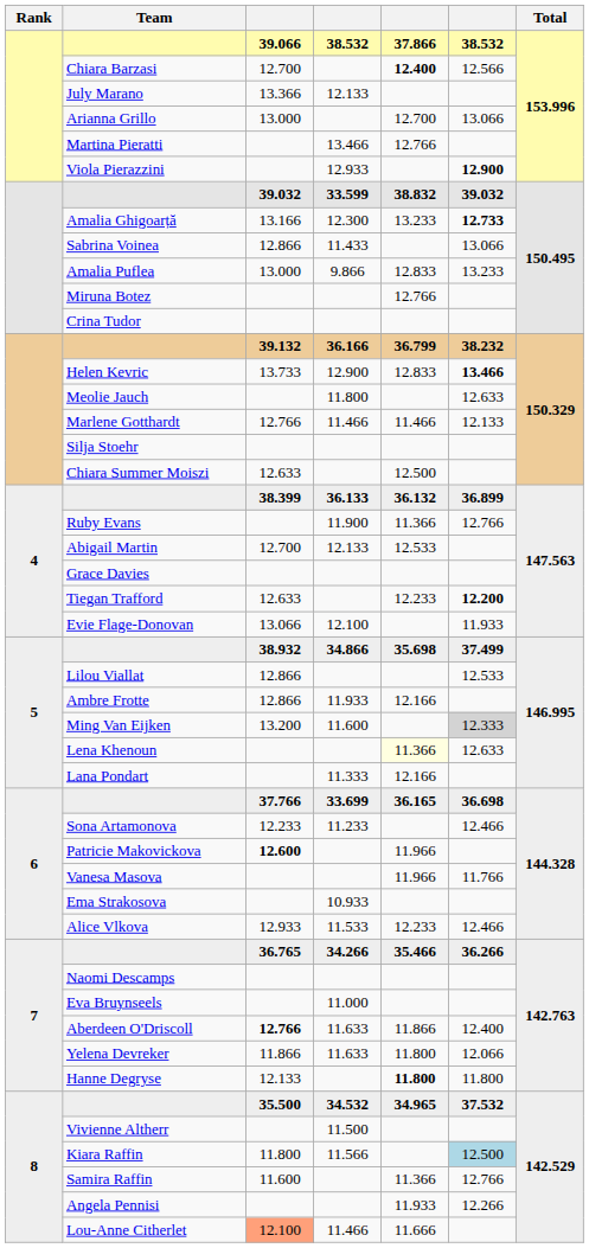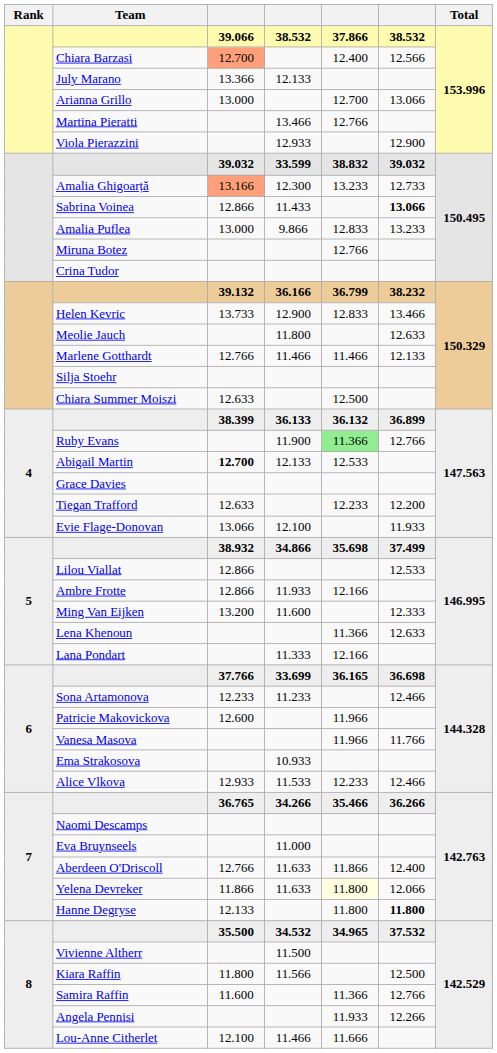 <table class="wikitable sortable" style="text-align:center; font-size:95%">
 <tr>
 <th scope="col" style="width:50px;">Rank</th>
 <th scope="col" style="width:175px;">Team</th>
 <th scope="col" style="width:60px;"></th>
 <th scope="col" style="width:60px;"></th>
 <th scope="col" style="width:60px;"></th>
 <th scope="col" style="width:60px;"></th>
 <th scope="col" style="width:60px;">Total</th>
 </tr>
 <tr style="background:#fffcaf;">
 <td rowspan="6"><strong></strong></td>
 <td style="text-align:left;"></td>
 <td><strong>39.066</strong></td>
 <td><strong>38.532</strong></td>
 <td><strong>37.866</strong></td>
 <td><strong>38.532</strong></td>
 <td rowspan="6"><strong>153.996</strong></td>
 </tr>
 <tr>
 <td style="text-align:left;"><a href='#'>Chiara Barzasi</a></td>
-<td>12.700</td>
+<td style="background: lightsalmon;">12.700</td>
 <td></td>
-<td><strong>12.400</strong></td>
+<td>12.400</td>
 <td>12.566</td>
 </tr>
 <tr>
 <td style="text-align:left;"><a href='#'>July Marano</a></td>
 <td>13.366</td>
 <td>12.133</td>
 <td></td>
 <td></td>
 </tr>
 <tr>
 <td style="text-align:left;"><a href='#'>Arianna Grillo</a></td>
 <td>13.000</td>
 <td></td>
 <td>12.700</td>
 <td>13.066</td>
 </tr>
 <tr>
 <td style="text-align:left;"><a href='#'>Martina Pieratti</a></td>
 <td></td>
 <td>13.466</td>
 <td>12.766</td>
 <td></td>
 </tr>
 <tr>
 <td style="text-align:left;"><a href='#'>Viola Pierazzini</a></td>
 <td></td>
 <td>12.933</td>
 <td></td>
-<td><strong>12.900</strong></td>
+<td>12.900</td>
 </tr>
 <tr style="background:#e5e5e5;">
 <td rowspan="6"><strong></strong></td>
 <td style="text-align:left;"></td>
 <td><strong>39.032</strong></td>
 <td><strong>33.599</strong></td>
 <td><strong>38.832</strong></td>
 <td><strong>39.032</strong></td>
 <td rowspan="6"><strong>150.495</strong></td>
 </tr>
 <tr>
 <td style="text-align:left;"><a href='#'>Amalia Ghigoarță</a></td>
-<td>13.166</td>
+<td style="background: lightsalmon;">13.166</td>
 <td>12.300</td>
 <td>13.233</td>
-<td><strong>12.733</strong></td>
+<td>12.733</td>
 </tr>
 <tr>
 <td style="text-align:left;"><a href='#'>Sabrina Voinea</a></td>
 <td>12.866</td>
 <td>11.433</td>
 <td></td>
-<td>13.066</td>
+<td><strong>13.066</strong></td>
 </tr>
 <tr>
 <td style="text-align:left;"><a href='#'>Amalia Puflea</a></td>
 <td>13.000</td>
 <td>9.866</td>
 <td>12.833</td>
 <td>13.233</td>
 </tr>
 <tr>
 <td style="text-align:left;"><a href='#'>Miruna Botez</a></td>
 <td></td>
 <td></td>
 <td>12.766</td>
 <td></td>
 </tr>
 <tr>
 <td style="text-align:left;"><a href='#'>Crina Tudor</a></td>
 <td></td>
 <td></td>
 <td></td>
 <td></td>
 </tr>
 <tr style="background:#ec9;">
 <td rowspan="6"><strong></strong></td>
 <td style="text-align:left;"></td>
 <td><strong>39.132</strong></td>
 <td><strong>36.166</strong></td>
 <td><strong>36.799</strong></td>
 <td><strong>38.232</strong></td>
 <td rowspan="6"><strong>150.329</strong></td>
 </tr>
 <tr>
 <td style="text-align:left;"><a href='#'>Helen Kevric</a></td>
 <td>13.733</td>
 <td>12.900</td>
 <td>12.833</td>
-<td><strong>13.466</strong></td>
+<td>13.466</td>
 </tr>
 <tr>
 <td style="text-align:left;"><a href='#'>Meolie Jauch</a></td>
 <td></td>
 <td>11.800</td>
 <td></td>
 <td>12.633</td>
 </tr>
 <tr>
 <td style="text-align:left;"><a href='#'>Marlene Gotthardt</a></td>
 <td>12.766</td>
 <td>11.466</td>
 <td>11.466</td>
 <td>12.133</td>
 </tr>
 <tr>
 <td style="text-align:left;"><a href='#'>Silja Stoehr</a></td>
 <td></td>
 <td></td>
 <td></td>
 <td></td>
 </tr>
 <tr>
 <td style="text-align:left;"><a href='#'>Chiara Summer Moiszi</a></td>
 <td>12.633</td>
 <td></td>
 <td>12.500</td>
 <td></td>
 </tr>
 <tr style="background:#eee;">
 <td rowspan="6"><strong>4</strong></td>
 <td style="text-align:left;"></td>
 <td><strong>38.399</strong></td>
 <td><strong>36.133</strong></td>
 <td><strong>36.132</strong></td>
 <td><strong>36.899</strong></td>
 <td rowspan="6"><strong>147.563</strong></td>
 </tr>
 <tr>
 <td style="text-align:left;"><a href='#'>Ruby Evans</a></td>
 <td></td>
 <td>11.900</td>
-<td>11.366</td>
+<td style="background: lightgreen;">11.366</td>
 <td>12.766</td>
 </tr>
 <tr>
 <td style="text-align:left;"><a href='#'>Abigail Martin</a></td>
-<td>12.700</td>
+<td><strong>12.700</strong></td>
 <td>12.133</td>
 <td>12.533</td>
 <td></td>
 </tr>
 <tr>
 <td style="text-align:left;"><a href='#'>Grace Davies</a></td>
 <td></td>
 <td></td>
 <td></td>
 <td></td>
 </tr>
 <tr>
 <td style="text-align:left;"><a href='#'>Tiegan Trafford</a></td>
 <td>12.633</td>
 <td></td>
 <td>12.233</td>
-<td><strong>12.200</strong></td>
+<td>12.200</td>
 </tr>
 <tr>
 <td style="text-align:left;"><a href='#'>Evie Flage-Donovan</a></td>
 <td>13.066</td>
 <td>12.100</td>
 <td></td>
 <td>11.933</td>
 </tr>
 <tr style="background:#eee;">
 <td rowspan="6"><strong>5</strong></td>
 <td style="text-align:left;"></td>
 <td><strong>38.932</strong></td>
 <td><strong>34.866</strong></td>
 <td><strong>35.698</strong></td>
 <td><strong>37.499</strong></td>
 <td rowspan="6"><strong>146.995</strong></td>
 </tr>
 <tr>
 <td style="text-align:left;"><a href='#'>Lilou Viallat</a></td>
 <td>12.866</td>
 <td></td>
 <td></td>
 <td>12.533</td>
 </tr>
 <tr>
 <td style="text-align:left;"><a href='#'>Ambre Frotte</a></td>
 <td>12.866</td>
 <td>11.933</td>
 <td>12.166</td>
 <td></td>
 </tr>
 <tr>
 <td style="text-align:left;"><a href='#'>Ming Van Eijken</a></td>
 <td>13.200</td>
 <td>11.600</td>
 <td></td>
-<td style="background: lightgrey;">12.333</td>
+<td>12.333</td>
 </tr>
 <tr>
 <td style="text-align:left;"><a href='#'>Lena Khenoun</a></td>
 <td></td>
 <td></td>
-<td style="background: lightyellow;">11.366</td>
+<td>11.366</td>
 <td>12.633</td>
 </tr>
 <tr>
 <td style="text-align:left;"><a href='#'>Lana Pondart</a></td>
 <td></td>
 <td>11.333</td>
 <td>12.166</td>
 <td></td>
 </tr>
 <tr style="background:#eee;">
 <td rowspan="6"><strong>6</strong></td>
 <td style="text-align:left;"></td>
 <td><strong>37.766</strong></td>
 <td><strong>33.699</strong></td>
 <td><strong>36.165</strong></td>
 <td><strong>36.698</strong></td>
 <td rowspan="6"><strong>144.328</strong></td>
 </tr>
 <tr>
 <td style="text-align:left;"><a href='#'>Sona Artamonova</a></td>
 <td>12.233</td>
 <td>11.233</td>
 <td></td>
 <td>12.466</td>
 </tr>
 <tr>
 <td style="text-align:left;"><a href='#'>Patricie Makovickova</a></td>
-<td><strong>12.600</strong></td>
+<td>12.600</td>
 <td></td>
 <td>11.966</td>
 <td></td>
 </tr>
 <tr>
 <td style="text-align:left;"><a href='#'>Vanesa Masova</a></td>
 <td></td>
 <td></td>
 <td>11.966</td>
 <td>11.766</td>
 </tr>
 <tr>
 <td style="text-align:left;"><a href='#'>Ema Strakosova</a></td>
 <td></td>
 <td>10.933</td>
 <td></td>
 <td></td>
 </tr>
 <tr>
 <td style="text-align:left;"><a href='#'>Alice Vlkova</a></td>
 <td>12.933</td>
 <td>11.533</td>
 <td>12.233</td>
 <td>12.466</td>
 </tr>
 <tr style="background:#eee;">
 <td rowspan="6"><strong>7</strong></td>
 <td style="text-align:left;"></td>
 <td><strong>36.765</strong></td>
 <td><strong>34.266</strong></td>
 <td><strong>35.466</strong></td>
 <td><strong>36.266</strong></td>
 <td rowspan="6"><strong>142.763</strong></td>
 </tr>
 <tr>
 <td style="text-align:left;"><a href='#'>Naomi Descamps</a></td>
 <td></td>
 <td></td>
 <td></td>
 <td></td>
 </tr>
 <tr>
 <td style="text-align:left;"><a href='#'>Eva Bruynseels</a></td>
 <td></td>
 <td>11.000</td>
 <td></td>
 <td></td>
 </tr>
 <tr>
 <td style="text-align:left;"><a href='#'>Aberdeen O'Driscoll</a></td>
-<td><strong>12.766</strong></td>
+<td>12.766</td>
 <td>11.633</td>
 <td>11.866</td>
 <td>12.400</td>
 </tr>
 <tr>
 <td style="text-align:left;"><a href='#'>Yelena Devreker</a></td>
 <td>11.866</td>
 <td>11.633</td>
-<td>11.800</td>
+<td style="background: lightyellow;">11.800</td>
 <td>12.066</td>
 </tr>
 <tr>
 <td style="text-align:left;"><a href='#'>Hanne Degryse</a></td>
 <td>12.133</td>
 <td></td>
+<td>11.800</td>
 <td><strong>11.800</strong></td>
-<td>11.800</td>
 </tr>
 <tr style="background:#eee;">
 <td rowspan="6"><strong>8</strong></td>
 <td style="text-align:left;"></td>
 <td><strong>35.500</strong></td>
 <td><strong>34.532</strong></td>
 <td><strong>34.965</strong></td>
 <td><strong>37.532</strong></td>
 <td rowspan="6"><strong>142.529</strong></td>
 </tr>
 <tr>
 <td style="text-align:left;"><a href='#'>Vivienne Altherr</a></td>
 <td></td>
 <td>11.500</td>
 <td></td>
 <td></td>
 </tr>
 <tr>
 <td style="text-align:left;"><a href='#'>Kiara Raffin</a></td>
 <td>11.800</td>
 <td>11.566</td>
 <td></td>
-<td style="background: lightblue;">12.500</td>
+<td>12.500</td>
 </tr>
 <tr>
 <td style="text-align:left;"><a href='#'>Samira Raffin</a></td>
 <td>11.600</td>
 <td></td>
 <td>11.366</td>
 <td>12.766</td>
 </tr>
 <tr>
 <td style="text-align:left;"><a href='#'>Angela Pennisi</a></td>
 <td></td>
 <td></td>
 <td>11.933</td>
 <td>12.266</td>
 </tr>
 <tr>
 <td style="text-align:left;"><a href='#'>Lou-Anne Citherlet</a></td>
-<td style="background: lightsalmon;">12.100</td>
+<td>12.100</td>
 <td>11.466</td>
 <td>11.666</td>
 <td></td>
 </tr>
 </table>
